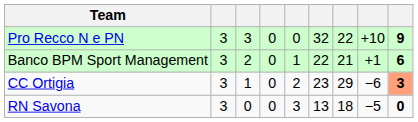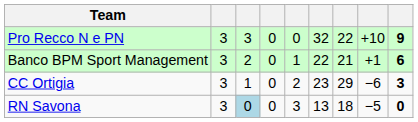 <table class="wikitable" style="text-align:center;">
 <tr>
 <th width=225>Team</th>
 <th width=20></th>
 <th width=20></th>
 <th width=20></th>
 <th width=20></th>
 <th width=20></th>
 <th width=20></th>
 <th width=20></th>
 <th width=20></th>
 </tr>
 <tr style="background:#cfc;">
 <td align="left"> <a href='#'>Pro Recco N e PN</a></td>
 <td>3</td>
 <td>3</td>
 <td>0</td>
 <td>0</td>
 <td>32</td>
 <td>22</td>
 <td>+10</td>
 <td><strong>9</strong></td>
 </tr>
 <tr style="background:#cfc;">
 <td align="left"> Banco BPM Sport Management</td>
 <td>3</td>
 <td>2</td>
 <td>0</td>
 <td>1</td>
 <td>22</td>
 <td>21</td>
 <td>+1</td>
 <td><strong>6</strong></td>
 </tr>
 <tr>
 <td align="left"> <a href='#'>CC Ortigia</a></td>
 <td>3</td>
 <td>1</td>
 <td>0</td>
 <td>2</td>
 <td>23</td>
 <td>29</td>
 <td>−6</td>
-<td style="background: lightsalmon;"><strong>3</strong></td>
+<td><strong>3</strong></td>
 </tr>
 <tr>
 <td align="left"> <a href='#'>RN Savona</a></td>
 <td>3</td>
-<td>0</td>
+<td style="background: lightblue;">0</td>
 <td>0</td>
 <td>3</td>
 <td>13</td>
 <td>18</td>
 <td>−5</td>
 <td><strong>0</strong></td>
 </tr>
 </table>
